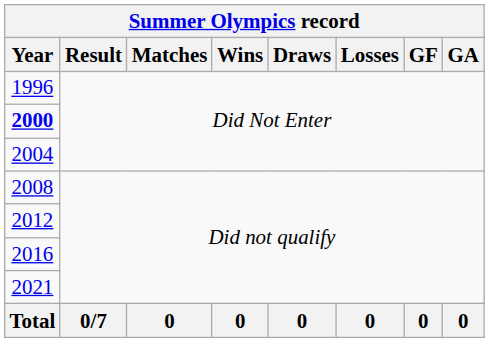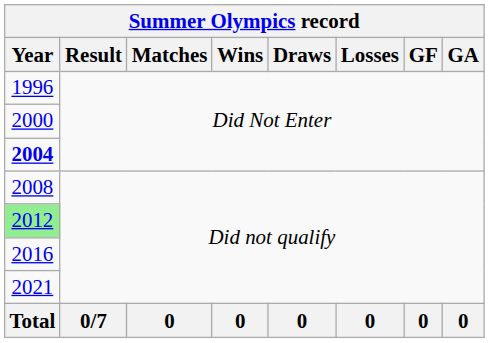 <table class="wikitable" style="text-align: center;">
 <tr>
 <th colspan=10><a href='#'>Summer Olympics</a> record</th>
 </tr>
 <tr>
 <th>Year</th>
 <th>Result</th>
 <th>Matches</th>
 <th>Wins</th>
 <th>Draws</th>
 <th>Losses</th>
 <th>GF</th>
 <th>GA</th>
 </tr>
 <tr>
 <td> <a href='#'>1996</a></td>
 <td rowspan=3 colspan=8><em>Did Not Enter</em></td>
 </tr>
 <tr>
-<td><strong> <a href='#'>2000</a></strong></td>
+<td> <a href='#'>2000</a></td>
 </tr>
 <tr>
-<td> <a href='#'>2004</a></td>
+<td><strong> <a href='#'>2004</a></strong></td>
 </tr>
 <tr>
 <td> <a href='#'>2008</a></td>
 <td rowspan=4 colspan=8><em>Did not qualify</em></td>
 </tr>
 <tr>
-<td> <a href='#'>2012</a></td>
+<td style="background: lightgreen;"> <a href='#'>2012</a></td>
 </tr>
 <tr>
 <td> <a href='#'>2016</a></td>
 </tr>
 <tr>
 <td> <a href='#'>2021</a></td>
 </tr>
 <tr>
 <th>Total</th>
 <th>0/7</th>
 <th>0</th>
 <th>0</th>
 <th>0</th>
 <th>0</th>
 <th>0</th>
 <th>0</th>
 </tr>
 </table>
